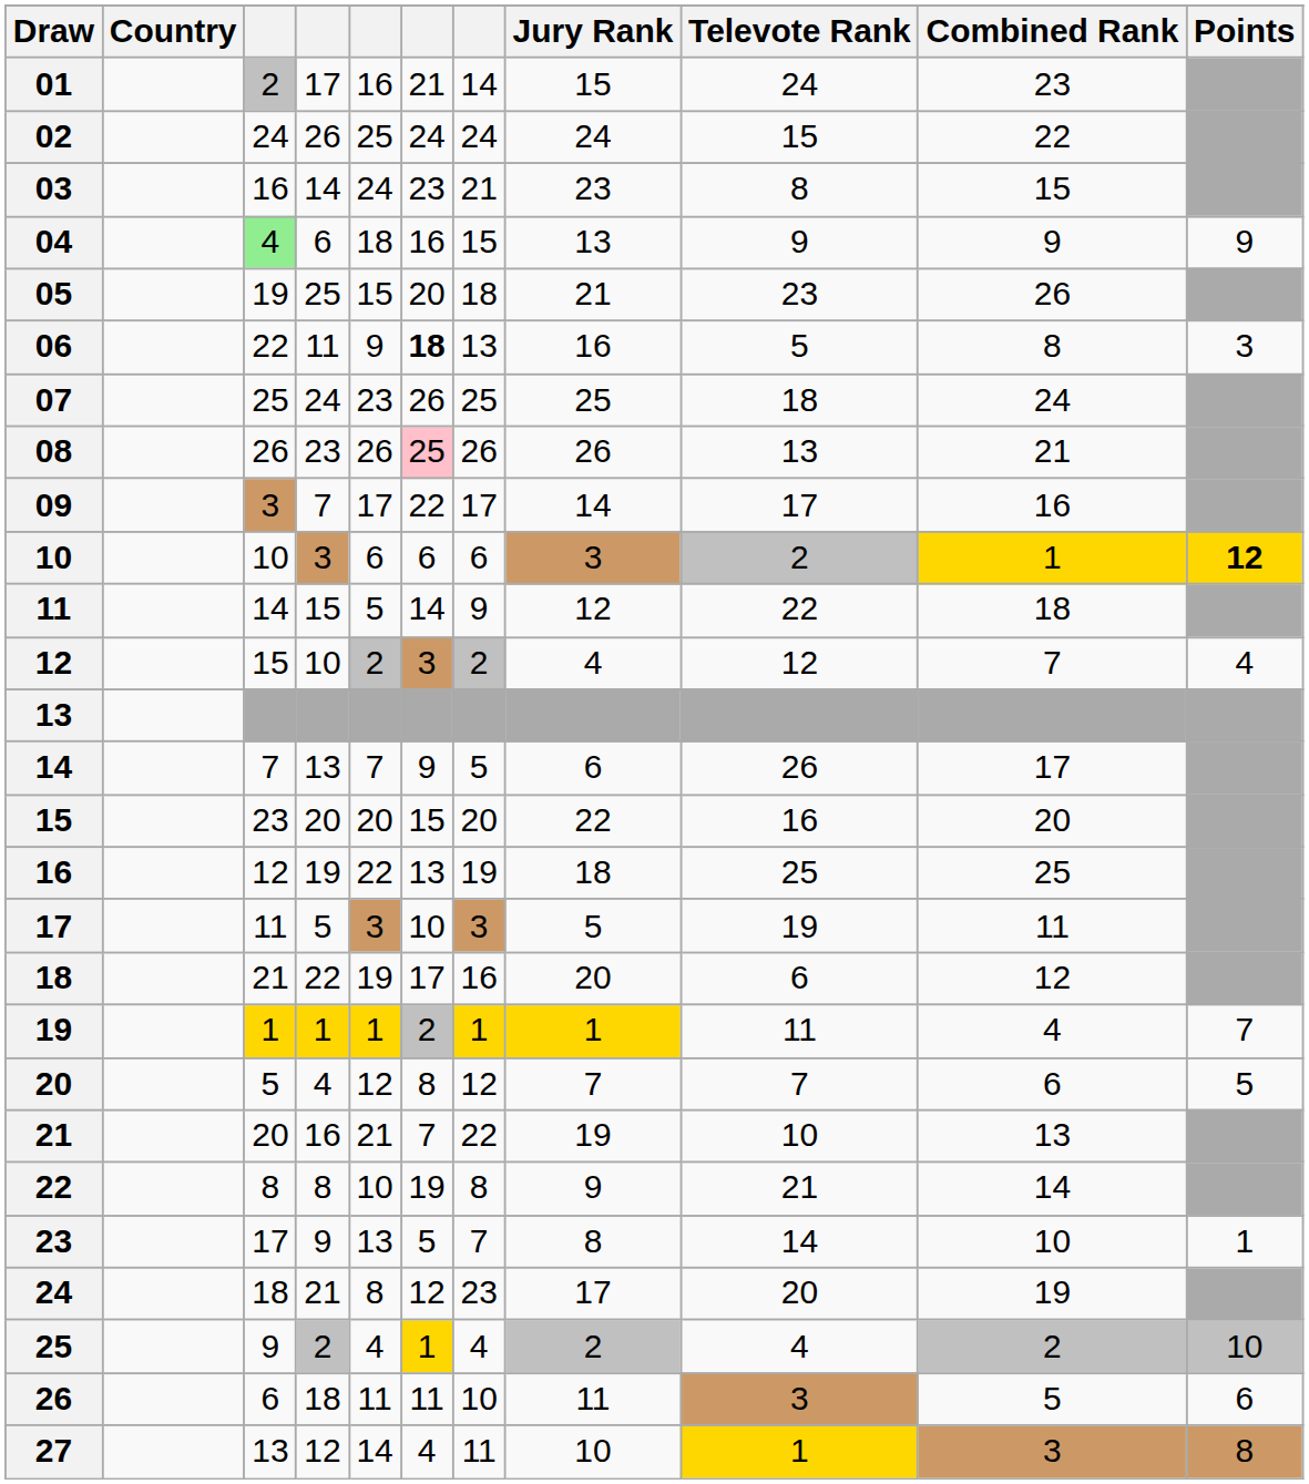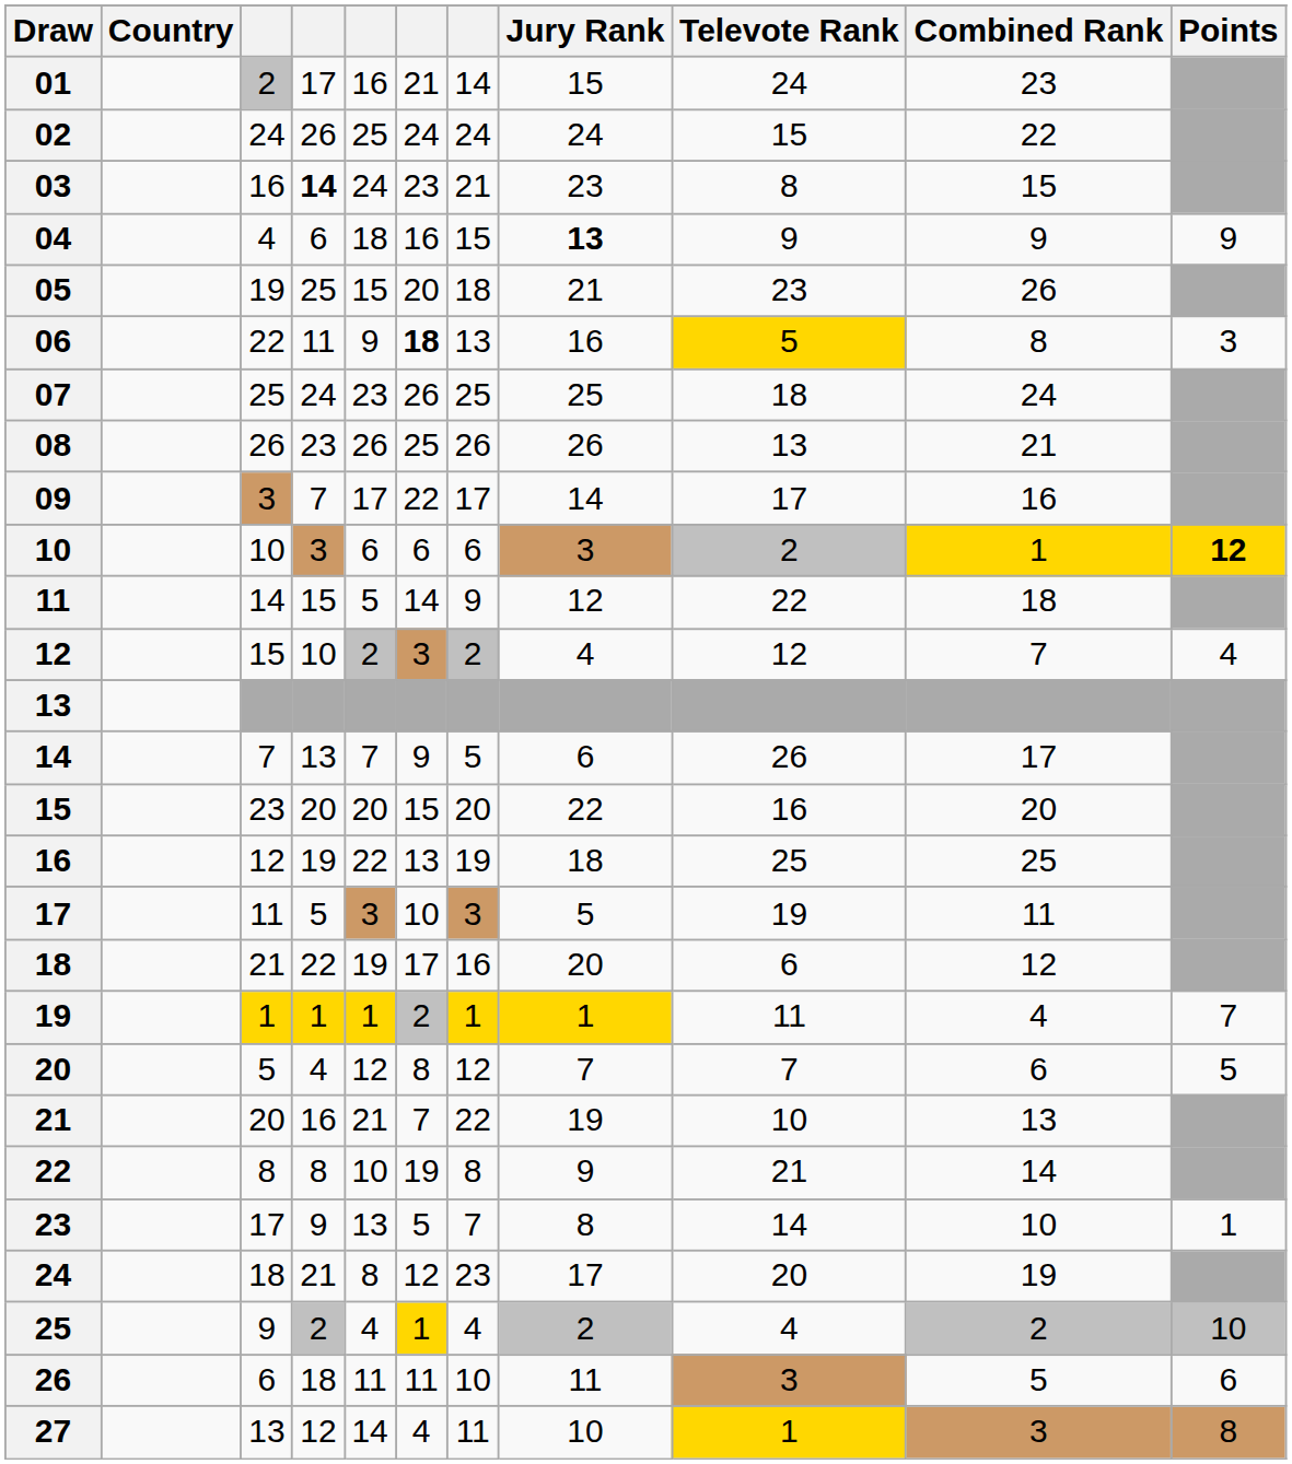 <table class="sortable wikitable collapsible plainrowheaders" style="text-align:center;">
 <tr>
 </tr>
 <tr>
 <th scope="col">Draw</th>
 <th scope="col">Country</th>
 <th scope="col"><small></small></th>
 <th scope="col"><small></small></th>
 <th scope="col"><small></small></th>
 <th scope="col"><small></small></th>
 <th scope="col"><small></small></th>
 <th scope="col">Jury Rank</th>
 <th scope="col">Televote Rank</th>
 <th scope="col">Combined Rank</th>
 <th scope="col">Points</th>
 </tr>
 <tr>
 <th scope="row" style="text-align:center;">01</th>
 <td style="text-align:left;"></td>
 <td style="background:silver;">2</td>
 <td>17</td>
 <td>16</td>
 <td>21</td>
 <td>14</td>
 <td>15</td>
 <td>24</td>
 <td>23</td>
 <td style="background:#AAAAAA;"></td>
 </tr>
 <tr>
 <th scope="row" style="text-align:center;">02</th>
 <td style="text-align:left;"></td>
 <td>24</td>
 <td>26</td>
 <td>25</td>
 <td>24</td>
 <td>24</td>
 <td>24</td>
 <td>15</td>
 <td>22</td>
 <td style="background:#AAAAAA;"></td>
 </tr>
 <tr>
 <th scope="row" style="text-align:center;">03</th>
 <td style="text-align:left;"></td>
 <td>16</td>
-<td>14</td>
+<td><strong>14</strong></td>
 <td>24</td>
 <td>23</td>
 <td>21</td>
 <td>23</td>
 <td>8</td>
 <td>15</td>
 <td style="background:#AAAAAA;"></td>
 </tr>
 <tr>
 <th scope="row" style="text-align:center;">04</th>
 <td style="text-align:left;"></td>
-<td style="background: lightgreen;">4</td>
+<td>4</td>
 <td>6</td>
 <td>18</td>
 <td>16</td>
 <td>15</td>
-<td>13</td>
+<td><strong>13</strong></td>
 <td>9</td>
 <td>9</td>
 <td>9</td>
 </tr>
 <tr>
 <th scope="row" style="text-align:center;">05</th>
 <td style="text-align:left;"></td>
 <td>19</td>
 <td>25</td>
 <td>15</td>
 <td>20</td>
 <td>18</td>
 <td>21</td>
 <td>23</td>
 <td>26</td>
 <td style="background:#AAAAAA;"></td>
 </tr>
 <tr>
 <th scope="row" style="text-align:center;">06</th>
 <td style="text-align:left;"></td>
 <td>22</td>
 <td>11</td>
 <td>9</td>
 <td><strong>18</strong></td>
 <td>13</td>
 <td>16</td>
-<td>5</td>
+<td style="background: gold;">5</td>
 <td>8</td>
 <td>3</td>
 </tr>
 <tr>
 <th scope="row" style="text-align:center;">07</th>
 <td style="text-align:left;"></td>
 <td>25</td>
 <td>24</td>
 <td>23</td>
 <td>26</td>
 <td>25</td>
 <td>25</td>
 <td>18</td>
 <td>24</td>
 <td style="background:#AAAAAA;"></td>
 </tr>
 <tr>
 <th scope="row" style="text-align:center;">08</th>
 <td style="text-align:left;"></td>
 <td>26</td>
 <td>23</td>
 <td>26</td>
-<td style="background: pink;">25</td>
+<td>25</td>
 <td>26</td>
 <td>26</td>
 <td>13</td>
 <td>21</td>
 <td style="background:#AAAAAA;"></td>
 </tr>
 <tr>
 <th scope="row" style="text-align:center;">09</th>
 <td style="text-align:left;"></td>
 <td style="background:#CC9966;">3</td>
 <td>7</td>
 <td>17</td>
 <td>22</td>
 <td>17</td>
 <td>14</td>
 <td>17</td>
 <td>16</td>
 <td style="background:#AAAAAA;"></td>
 </tr>
 <tr>
 <th scope="row" style="text-align:center;">10</th>
 <td style="text-align:left;"></td>
 <td>10</td>
 <td style="background:#CC9966;">3</td>
 <td>6</td>
 <td>6</td>
 <td>6</td>
 <td style="background:#CC9966;">3</td>
 <td style="background:silver;">2</td>
 <td style="background:gold;">1</td>
 <td style="background:gold;"><strong>12</strong></td>
 </tr>
 <tr>
 <th scope="row" style="text-align:center;">11</th>
 <td style="text-align:left;"></td>
 <td>14</td>
 <td>15</td>
 <td>5</td>
 <td>14</td>
 <td>9</td>
 <td>12</td>
 <td>22</td>
 <td>18</td>
 <td style="background:#AAAAAA;"></td>
 </tr>
 <tr>
 <th scope="row" style="text-align:center;">12</th>
 <td style="text-align:left;"></td>
 <td>15</td>
 <td>10</td>
 <td style="background:silver;">2</td>
 <td style="background:#CC9966;">3</td>
 <td style="background:silver;">2</td>
 <td>4</td>
 <td>12</td>
 <td>7</td>
 <td>4</td>
 </tr>
 <tr class="sortbottom">
 <th scope="row" style="text-align:center;">13</th>
 <td style="text-align:left;"></td>
 <td style="background:#AAAAAA;"></td>
 <td style="background:#AAAAAA;"></td>
 <td style="background:#AAAAAA;"></td>
 <td style="background:#AAAAAA;"></td>
 <td style="background:#AAAAAA;"></td>
 <td style="background:#AAAAAA;"></td>
 <td style="background:#AAAAAA;"></td>
 <td style="background:#AAAAAA;"></td>
 <td style="background:#AAAAAA;"></td>
 </tr>
 <tr>
 <th scope="row" style="text-align:center;">14</th>
 <td style="text-align:left;"></td>
 <td>7</td>
 <td>13</td>
 <td>7</td>
 <td>9</td>
 <td>5</td>
 <td>6</td>
 <td>26</td>
 <td>17</td>
 <td style="background:#AAAAAA;"></td>
 </tr>
 <tr>
 <th scope="row" style="text-align:center;">15</th>
 <td style="text-align:left;"></td>
 <td>23</td>
 <td>20</td>
 <td>20</td>
 <td>15</td>
 <td>20</td>
 <td>22</td>
 <td>16</td>
 <td>20</td>
 <td style="background:#AAAAAA;"></td>
 </tr>
 <tr>
 <th scope="row" style="text-align:center;">16</th>
 <td style="text-align:left;"></td>
 <td>12</td>
 <td>19</td>
 <td>22</td>
 <td>13</td>
 <td>19</td>
 <td>18</td>
 <td>25</td>
 <td>25</td>
 <td style="background:#AAAAAA;"></td>
 </tr>
 <tr>
 <th scope="row" style="text-align:center;">17</th>
 <td style="text-align:left;"></td>
 <td>11</td>
 <td>5</td>
 <td style="background:#CC9966;">3</td>
 <td>10</td>
 <td style="background:#CC9966;">3</td>
 <td>5</td>
 <td>19</td>
 <td>11</td>
 <td style="background:#AAAAAA;"></td>
 </tr>
 <tr>
 <th scope="row" style="text-align:center;">18</th>
 <td style="text-align:left;"></td>
 <td>21</td>
 <td>22</td>
 <td>19</td>
 <td>17</td>
 <td>16</td>
 <td>20</td>
 <td>6</td>
 <td>12</td>
 <td style="background:#AAAAAA;"></td>
 </tr>
 <tr>
 <th scope="row" style="text-align:center;">19</th>
 <td style="text-align:left;"></td>
 <td style="background:gold;">1</td>
 <td style="background:gold;">1</td>
 <td style="background:gold;">1</td>
 <td style="background:silver;">2</td>
 <td style="background:gold;">1</td>
 <td style="background:gold;">1</td>
 <td>11</td>
 <td>4</td>
 <td>7</td>
 </tr>
 <tr>
 <th scope="row" style="text-align:center;">20</th>
 <td style="text-align:left;"></td>
 <td>5</td>
 <td>4</td>
 <td>12</td>
 <td>8</td>
 <td>12</td>
 <td>7</td>
 <td>7</td>
 <td>6</td>
 <td>5</td>
 </tr>
 <tr>
 <th scope="row" style="text-align:center;">21</th>
 <td style="text-align:left;"></td>
 <td>20</td>
 <td>16</td>
 <td>21</td>
 <td>7</td>
 <td>22</td>
 <td>19</td>
 <td>10</td>
 <td>13</td>
 <td style="background:#AAAAAA;"></td>
 </tr>
 <tr>
 <th scope="row" style="text-align:center;">22</th>
 <td style="text-align:left;"></td>
 <td>8</td>
 <td>8</td>
 <td>10</td>
 <td>19</td>
 <td>8</td>
 <td>9</td>
 <td>21</td>
 <td>14</td>
 <td style="background:#AAAAAA;"></td>
 </tr>
 <tr>
 <th scope="row" style="text-align:center;">23</th>
 <td style="text-align:left;"></td>
 <td>17</td>
 <td>9</td>
 <td>13</td>
 <td>5</td>
 <td>7</td>
 <td>8</td>
 <td>14</td>
 <td>10</td>
 <td>1</td>
 </tr>
 <tr>
 <th scope="row" style="text-align:center;">24</th>
 <td style="text-align:left;"></td>
 <td>18</td>
 <td>21</td>
 <td>8</td>
 <td>12</td>
 <td>23</td>
 <td>17</td>
 <td>20</td>
 <td>19</td>
 <td style="background:#AAAAAA;"></td>
 </tr>
 <tr>
 <th scope="row" style="text-align:center;">25</th>
 <td style="text-align:left;"></td>
 <td>9</td>
 <td style="background:silver;">2</td>
 <td>4</td>
 <td style="background:gold;">1</td>
 <td>4</td>
 <td style="background:silver;">2</td>
 <td>4</td>
 <td style="background:silver;">2</td>
 <td style="background:silver;">10</td>
 </tr>
 <tr>
 <th scope="row" style="text-align:center;">26</th>
 <td style="text-align:left;"></td>
 <td>6</td>
 <td>18</td>
 <td>11</td>
 <td>11</td>
 <td>10</td>
 <td>11</td>
 <td style="background:#CC9966;">3</td>
 <td>5</td>
 <td>6</td>
 </tr>
 <tr>
 <th scope="row" style="text-align:center;">27</th>
 <td style="text-align:left;"></td>
 <td>13</td>
 <td>12</td>
 <td>14</td>
 <td>4</td>
 <td>11</td>
 <td>10</td>
 <td style="background:gold;">1</td>
 <td style="background:#CC9966;">3</td>
 <td style="background:#CC9966;">8</td>
 </tr>
 </table>
